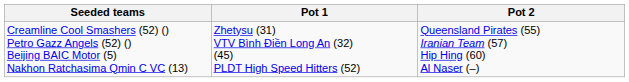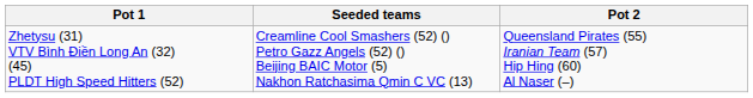 <table class="wikitable" width=900>
 <tr>
+<th width=32%>Pot 1</th>
 <th width=32%>Seeded teams</th>
-<th width=32%>Pot 1</th>
 <th width=32%>Pot 2</th>
 </tr>
 <tr>
+<td valign=top> <a href='#'>Zhetysu</a> (31) <br>  <a href='#'>VTV Bình Điền Long An</a> (32) <br>   (45) <br>  <a href='#'>PLDT High Speed Hitters</a> (52)</td>
 <td valign=top> <a href='#'>Creamline Cool Smashers</a> (52) () <br>  <a href='#'>Petro Gazz Angels</a> (52) () <br>  <a href='#'>Beijing BAIC Motor</a> (5) <br>  <a href='#'>Nakhon Ratchasima Qmin C VC</a> (13)</td>
-<td valign=top> <a href='#'>Zhetysu</a> (31) <br>  <a href='#'>VTV Bình Điền Long An</a> (32) <br>   (45) <br>  <a href='#'>PLDT High Speed Hitters</a> (52)</td>
 <td valign=top> <a href='#'>Queensland Pirates</a> (55) <br>  <em><a href='#'>Iranian Team</a></em> (57) <br>  <a href='#'>Hip Hing</a> (60) <br>  <a href='#'>Al Naser</a> (–)</td>
 </tr>
 </table>
